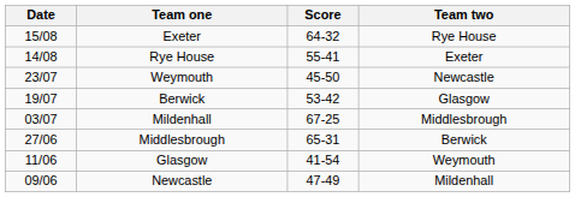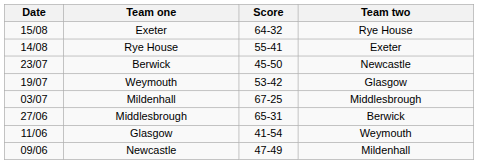 <table class="wikitable" style="text-align: center">
 <tr>
 <th width=80>Date</th>
 <th width=250>Team one</th>
 <th width=80>Score</th>
 <th width=250>Team two</th>
 </tr>
 <tr>
 <td>15/08</td>
 <td>Exeter</td>
 <td>64-32</td>
 <td>Rye House</td>
 </tr>
 <tr>
 <td>14/08</td>
 <td>Rye House</td>
 <td>55-41</td>
 <td>Exeter</td>
 </tr>
 <tr>
 <td>23/07</td>
-<td>Weymouth</td>
+<td>Berwick</td>
 <td>45-50</td>
 <td>Newcastle</td>
 </tr>
 <tr>
 <td>19/07</td>
-<td>Berwick</td>
+<td>Weymouth</td>
 <td>53-42</td>
 <td>Glasgow</td>
 </tr>
 <tr>
 <td>03/07</td>
 <td>Mildenhall</td>
 <td>67-25</td>
 <td>Middlesbrough</td>
 </tr>
 <tr>
 <td>27/06</td>
 <td>Middlesbrough</td>
 <td>65-31</td>
 <td>Berwick</td>
 </tr>
 <tr>
 <td>11/06</td>
 <td>Glasgow</td>
 <td>41-54</td>
 <td>Weymouth</td>
 </tr>
 <tr>
 <td>09/06</td>
 <td>Newcastle</td>
 <td>47-49</td>
 <td>Mildenhall</td>
 </tr>
 </table>
